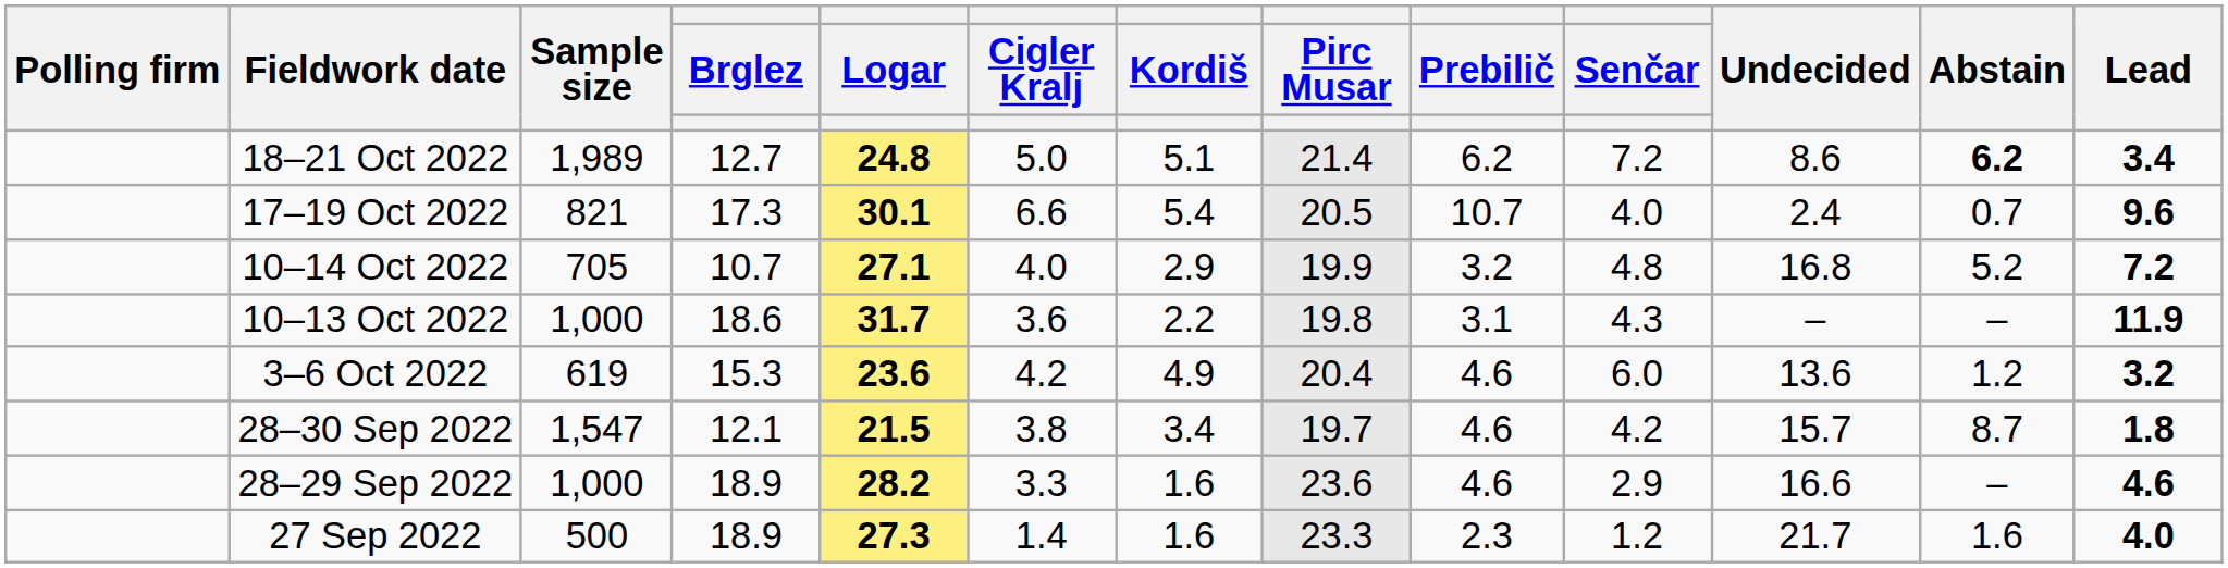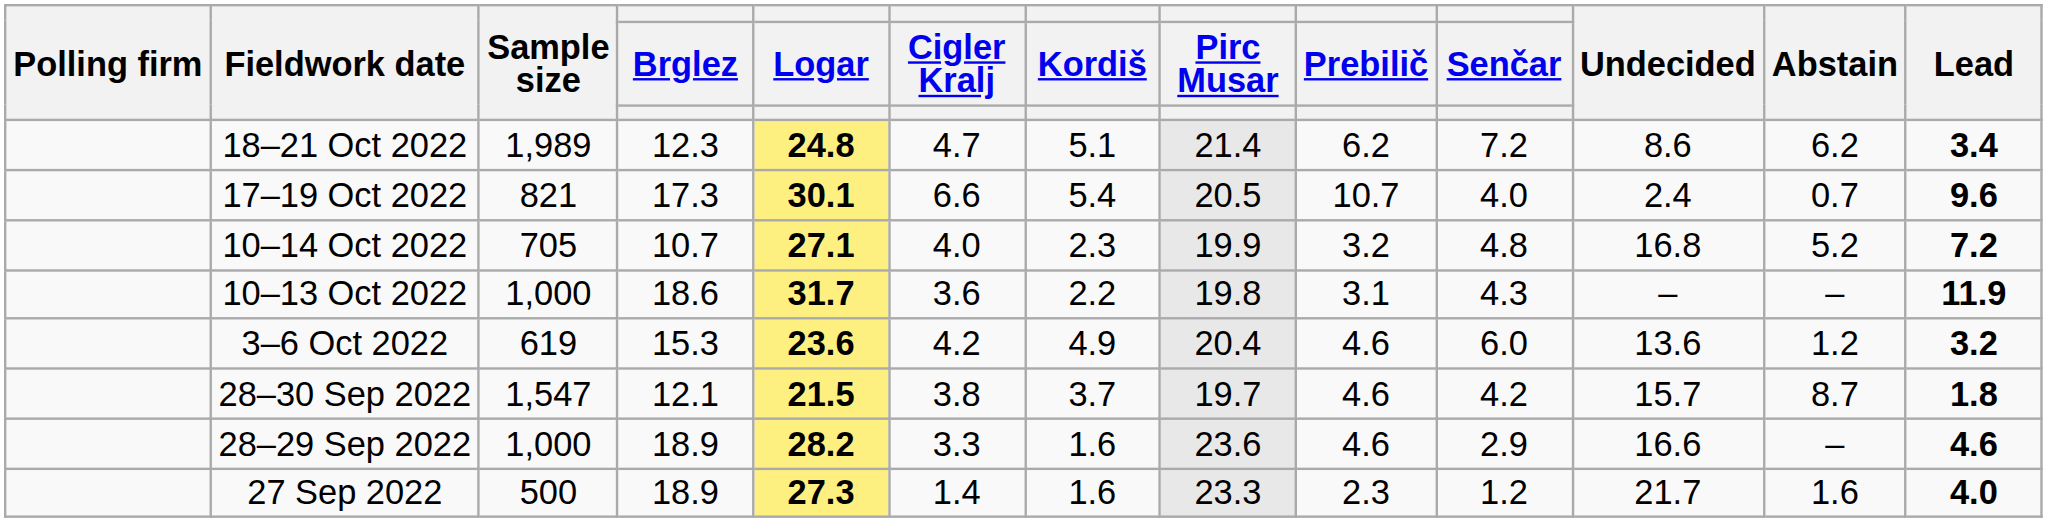 <table class="wikitable sortable tpl-blanktable" style="text-align:center;font-size:90%;line-height:14px;">
 <tr>
 <th rowspan="3">Polling firm</th>
 <th rowspan="3">Fieldwork date</th>
 <th rowspan="3">Sample<br>size</th>
 <th class="unsortable"></th>
 <th class="unsortable"></th>
 <th class="unsortable"></th>
 <th class="unsortable"></th>
 <th class="unsortable"></th>
 <th class="unsortable"></th>
 <th class="unsortable"></th>
 <th rowspan="3">Undecided</th>
 <th rowspan="3">Abstain</th>
 <th rowspan="3" class="unsortable" style="width:50px;">Lead</th>
 </tr>
 <tr>
 <th class="unsortable" style="width:50px;"><a href='#'>Brglez</a><br></th>
 <th class="unsortable" style="width:50px;"><a href='#'>Logar</a><br></th>
 <th class="unsortable" style="width:50px;"><a href='#'>Cigler Kralj</a><br></th>
 <th class="unsortable" style="width:50px;"><a href='#'>Kordiš</a><br></th>
 <th class="unsortable" style="width:50px;"><a href='#'>Pirc Musar</a><br></th>
 <th class="unsortable" style="width:50px;"><a href='#'>Prebilič</a><br></th>
 <th class="unsortable" style="width:50px;"><a href='#'>Senčar</a><br></th>
 </tr>
 <tr>
 <th style="background:"></th>
 <th style="background:"></th>
 <th style="background:"></th>
 <th style="background:"></th>
 <th style="background:"></th>
 <th style="background:"></th>
 <th style="background:"></th>
 </tr>
 <tr>
 <td></td>
 <td>18–21 Oct 2022</td>
 <td>1,989</td>
-<td>12.7</td>
+<td>12.3</td>
 <td bgcolor=#FEEF81><strong>24.8</strong></td>
-<td>5.0</td>
+<td>4.7</td>
 <td>5.1</td>
 <td bgcolor=#E8E8E8>21.4</td>
 <td>6.2</td>
 <td>7.2</td>
 <td>8.6</td>
-<td><strong>6.2</strong></td>
+<td>6.2</td>
 <td bgcolor=><strong>3.4</strong></td>
 </tr>
 <tr>
 <td></td>
 <td>17–19 Oct 2022</td>
 <td>821</td>
 <td>17.3</td>
 <td bgcolor=#FEEF81><strong>30.1</strong></td>
 <td>6.6</td>
 <td>5.4</td>
 <td bgcolor=#E8E8E8>20.5</td>
 <td>10.7</td>
 <td>4.0</td>
 <td>2.4</td>
 <td>0.7</td>
 <td bgcolor=><strong>9.6</strong></td>
 </tr>
 <tr>
 <td></td>
 <td>10–14 Oct 2022</td>
 <td>705</td>
 <td>10.7</td>
 <td bgcolor=#FEEF81><strong>27.1</strong></td>
 <td>4.0</td>
-<td>2.9</td>
+<td>2.3</td>
 <td bgcolor=#E8E8E8>19.9</td>
 <td>3.2</td>
 <td>4.8</td>
 <td>16.8</td>
 <td>5.2</td>
 <td bgcolor=><strong>7.2</strong></td>
 </tr>
 <tr>
 <td></td>
 <td>10–13 Oct 2022</td>
 <td>1,000</td>
 <td>18.6</td>
 <td bgcolor=#FEEF81><strong>31.7</strong></td>
 <td>3.6</td>
 <td>2.2</td>
 <td bgcolor=#E8E8E8>19.8</td>
 <td>3.1</td>
 <td>4.3</td>
 <td>–</td>
 <td>–</td>
 <td bgcolor=><strong>11.9</strong></td>
 </tr>
 <tr>
 <td></td>
 <td>3–6 Oct 2022</td>
 <td>619</td>
 <td>15.3</td>
 <td bgcolor=#FEEF81><strong>23.6</strong></td>
 <td>4.2</td>
 <td>4.9</td>
 <td bgcolor=#E8E8E8>20.4</td>
 <td>4.6</td>
 <td>6.0</td>
 <td>13.6</td>
 <td>1.2</td>
 <td bgcolor=><strong>3.2</strong></td>
 </tr>
 <tr>
 <td></td>
 <td>28–30 Sep 2022</td>
 <td>1,547</td>
 <td>12.1</td>
 <td bgcolor=#FEEF81><strong>21.5</strong></td>
 <td>3.8</td>
-<td>3.4</td>
+<td>3.7</td>
 <td bgcolor=#E8E8E8>19.7</td>
 <td>4.6</td>
 <td>4.2</td>
 <td>15.7</td>
 <td>8.7</td>
 <td bgcolor=><strong>1.8</strong></td>
 </tr>
 <tr>
 <td></td>
 <td>28–29 Sep 2022</td>
 <td>1,000</td>
 <td>18.9</td>
 <td bgcolor=#FEEF81><strong>28.2</strong></td>
 <td>3.3</td>
 <td>1.6</td>
 <td bgcolor=#E8E8E8>23.6</td>
 <td>4.6</td>
 <td>2.9</td>
 <td>16.6</td>
 <td>–</td>
 <td bgcolor=><strong>4.6</strong></td>
 </tr>
 <tr>
 <td></td>
 <td>27 Sep 2022</td>
 <td>500</td>
 <td>18.9</td>
 <td bgcolor=#FEEF81><strong>27.3</strong></td>
 <td>1.4</td>
 <td>1.6</td>
 <td bgcolor=#E8E8E8>23.3</td>
 <td>2.3</td>
 <td>1.2</td>
 <td>21.7</td>
 <td>1.6</td>
 <td bgcolor=><strong>4.0</strong></td>
 </tr>
 </table>
